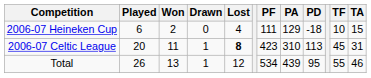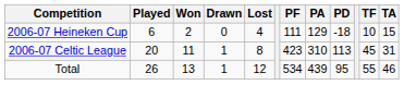 <table class="wikitable">
 <tr>
 <th>Competition</th>
 <th>Played</th>
 <th>Won</th>
 <th>Drawn</th>
 <th>Lost</th>
 <th rowspan="4"></th>
 <th>PF</th>
 <th>PA</th>
 <th>PD</th>
 <th rowspan="4"></th>
 <th>TF</th>
 <th>TA</th>
 </tr>
 <tr align=center>
 <td><a href='#'>2006-07 Heineken Cup</a></td>
 <td>6</td>
 <td>2</td>
 <td>0</td>
 <td>4</td>
 <td>111</td>
 <td>129</td>
 <td>-18</td>
 <td>10</td>
 <td>15</td>
 </tr>
 <tr align=center>
 <td><a href='#'>2006-07 Celtic League</a></td>
 <td>20</td>
 <td>11</td>
 <td>1</td>
-<td><strong>8</strong></td>
+<td>8</td>
 <td>423</td>
 <td>310</td>
 <td>113</td>
 <td>45</td>
 <td>31</td>
 </tr>
 <tr align=center>
 <td>Total</td>
 <td>26</td>
 <td>13</td>
 <td>1</td>
 <td>12</td>
 <td>534</td>
 <td>439</td>
 <td>95</td>
 <td>55</td>
 <td>46</td>
 </tr>
 </table>
